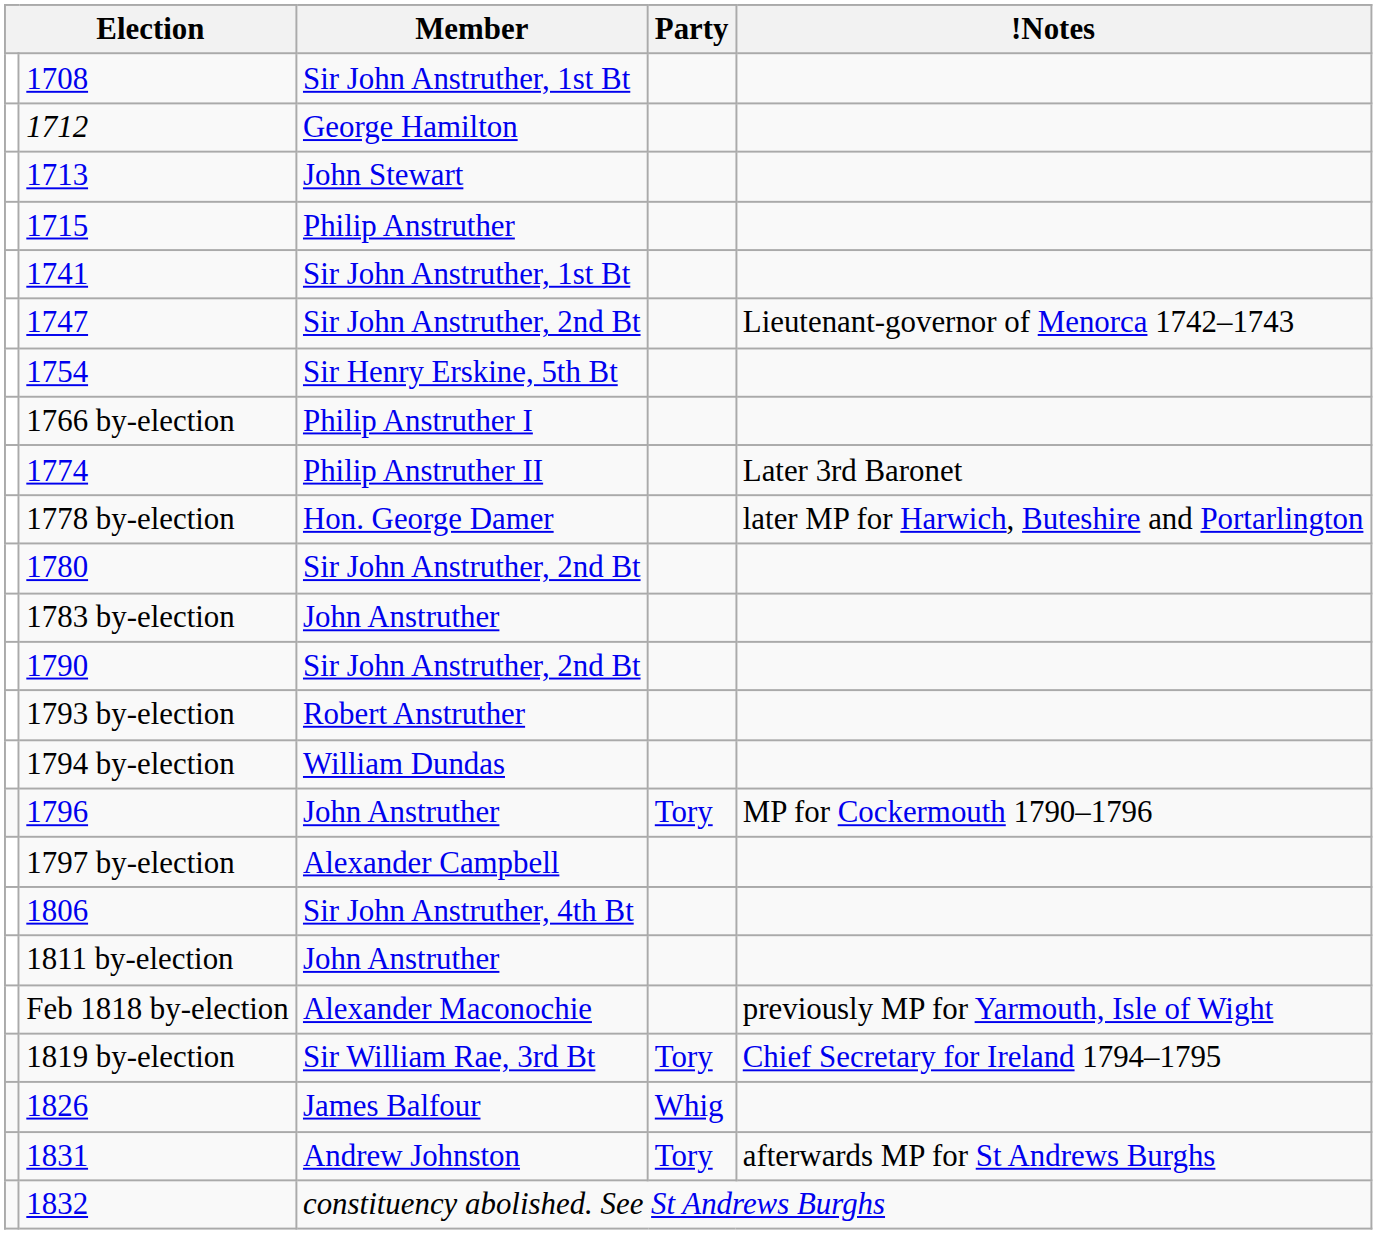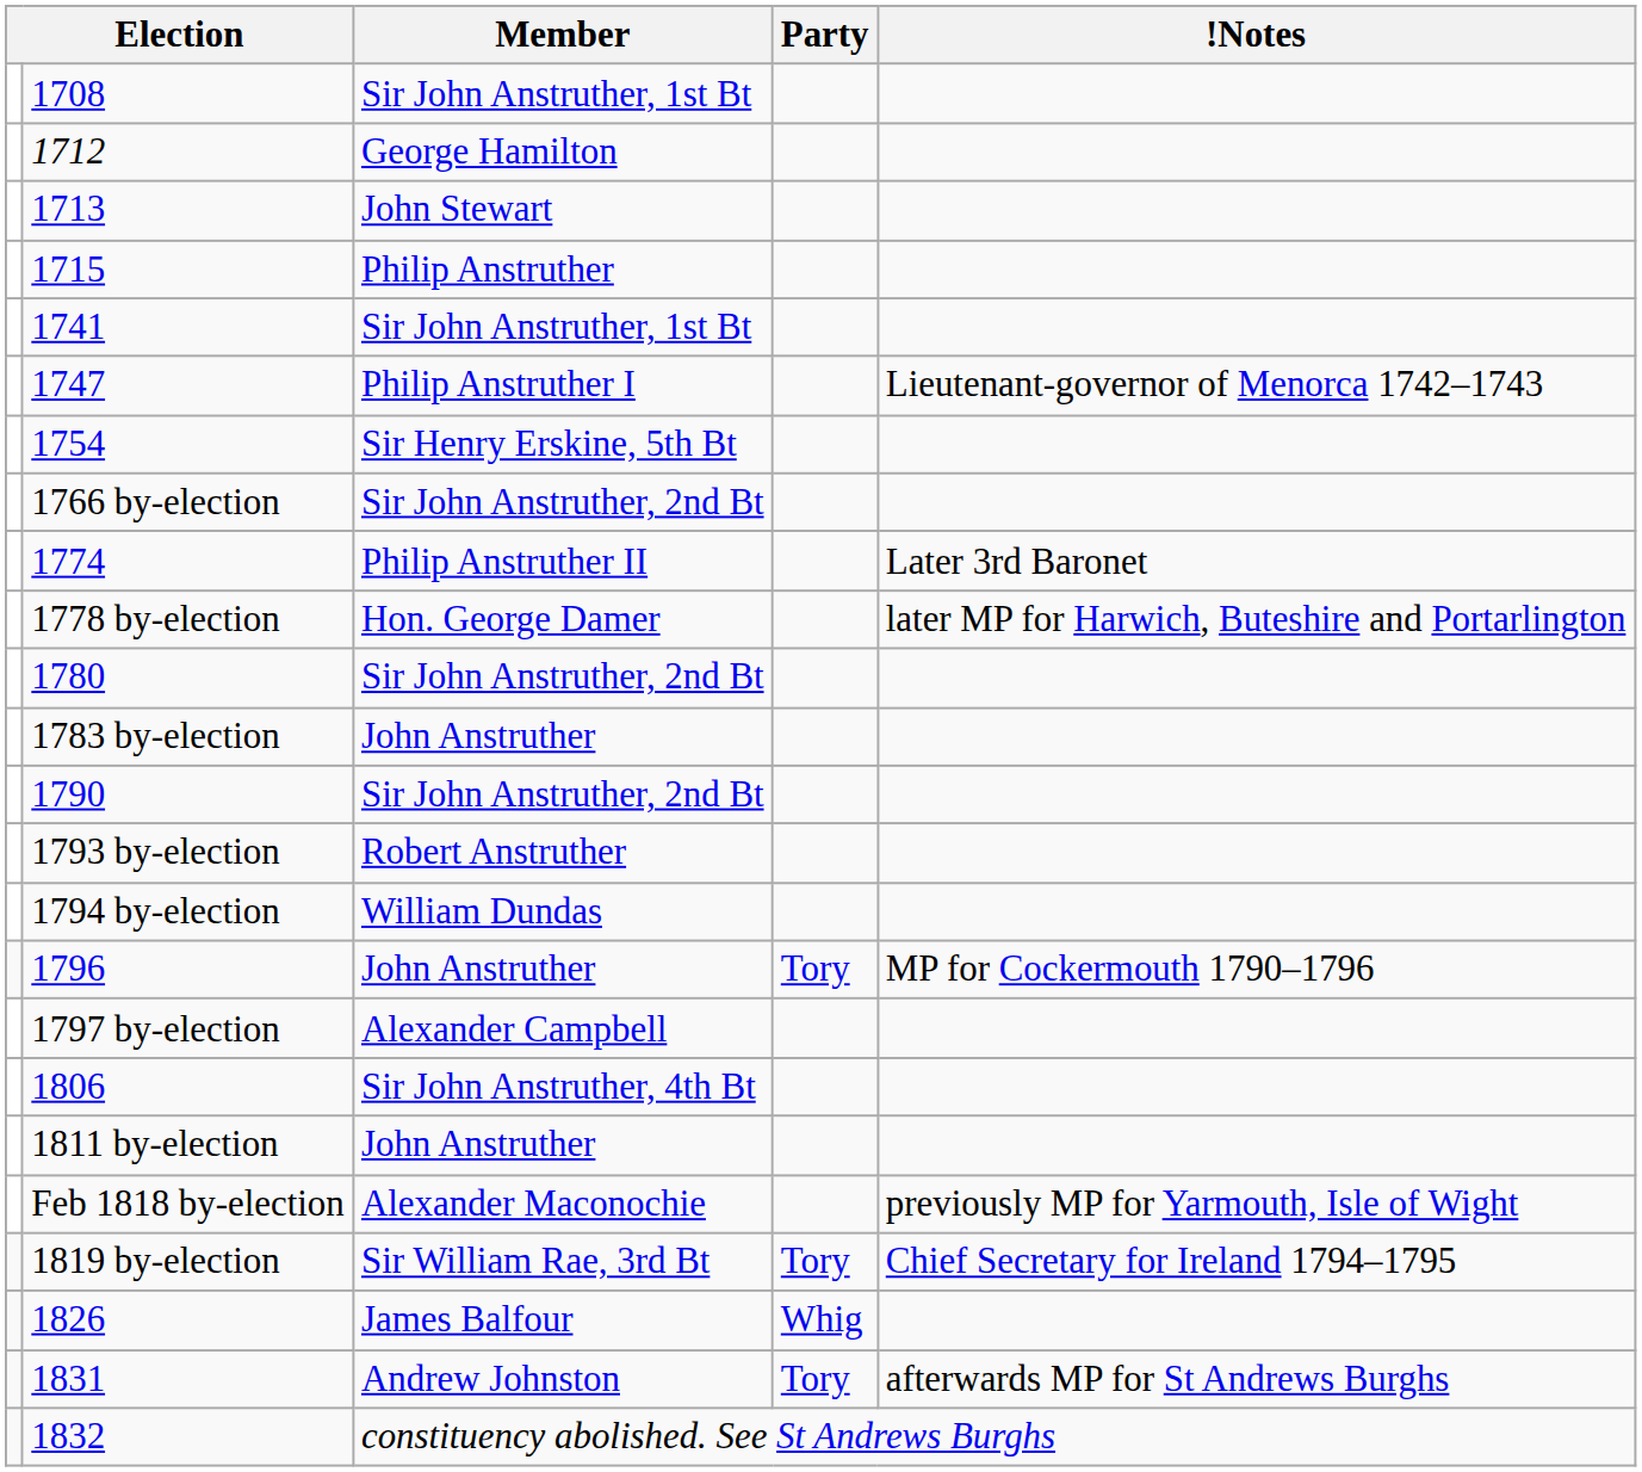 <table class="wikitable">
 <tr>
 <th colspan="2">Election</th>
 <th>Member</th>
 <th>Party </th>
 <th>!Notes</th>
 </tr>
 <tr>
 <td style="color:inherit;background-color: white"></td>
 <td><a href='#'>1708</a></td>
 <td><a href='#'>Sir John Anstruther, 1st Bt</a></td>
 <td></td>
 <td></td>
 </tr>
 <tr>
 <td style="color:inherit;background-color: white"></td>
 <td><em>1712</em></td>
 <td><a href='#'>George Hamilton</a></td>
 <td></td>
 <td></td>
 </tr>
 <tr>
 <td style="color:inherit;background-color: white"></td>
 <td><a href='#'>1713</a></td>
 <td><a href='#'>John Stewart</a></td>
 <td></td>
 <td></td>
 </tr>
 <tr>
 <td style="color:inherit;background-color: white"></td>
 <td><a href='#'>1715</a></td>
 <td><a href='#'>Philip Anstruther</a></td>
 <td></td>
 <td></td>
 </tr>
 <tr>
 <td style="color:inherit;background-color: white"></td>
 <td><a href='#'>1741</a></td>
 <td><a href='#'>Sir John Anstruther, 1st Bt</a></td>
 <td></td>
 <td></td>
 </tr>
 <tr>
 <td style="color:inherit;background-color: white"></td>
 <td><a href='#'>1747</a></td>
-<td><a href='#'>Sir John Anstruther, 2nd Bt</a></td>
+<td><a href='#'>Philip Anstruther I</a></td>
 <td></td>
 <td>Lieutenant-governor of <a href='#'>Menorca</a> 1742–1743</td>
 </tr>
 <tr>
 <td style="color:inherit;background-color: white"></td>
 <td><a href='#'>1754</a></td>
 <td><a href='#'>Sir Henry Erskine, 5th Bt</a></td>
 <td></td>
 <td></td>
 </tr>
 <tr>
 <td style="color:inherit;background-color: white"></td>
 <td>1766 by-election</td>
-<td><a href='#'>Philip Anstruther I</a></td>
+<td><a href='#'>Sir John Anstruther, 2nd Bt</a></td>
 <td></td>
 <td></td>
 </tr>
 <tr>
 <td style="color:inherit;background-color: white"></td>
 <td><a href='#'>1774</a></td>
 <td><a href='#'>Philip Anstruther II</a></td>
 <td></td>
 <td>Later 3rd Baronet</td>
 </tr>
 <tr>
 <td style="color:inherit;background-color: white"></td>
 <td>1778 by-election</td>
 <td><a href='#'>Hon. George Damer</a></td>
 <td></td>
 <td>later MP for <a href='#'>Harwich</a>, <a href='#'>Buteshire</a> and <a href='#'>Portarlington</a></td>
 </tr>
 <tr>
 <td style="color:inherit;background-color: white"></td>
 <td><a href='#'>1780</a></td>
 <td><a href='#'>Sir John Anstruther, 2nd Bt</a></td>
 <td></td>
 <td></td>
 </tr>
 <tr>
 <td style="color:inherit;background-color: white"></td>
 <td>1783 by-election</td>
 <td><a href='#'>John Anstruther</a></td>
 <td></td>
 <td></td>
 </tr>
 <tr>
 <td style="color:inherit;background-color: white"></td>
 <td><a href='#'>1790</a></td>
 <td><a href='#'>Sir John Anstruther, 2nd Bt</a></td>
 <td></td>
 <td></td>
 </tr>
 <tr>
 <td style="color:inherit;background-color: white"></td>
 <td>1793 by-election</td>
 <td><a href='#'>Robert Anstruther</a></td>
 <td></td>
 <td></td>
 </tr>
 <tr>
 <td style="color:inherit;background-color: white"></td>
 <td>1794 by-election</td>
 <td><a href='#'>William Dundas</a></td>
 <td></td>
 <td></td>
 </tr>
 <tr>
 <td style="color:inherit;background-color: "></td>
 <td><a href='#'>1796</a></td>
 <td><a href='#'>John Anstruther</a></td>
 <td><a href='#'>Tory</a></td>
 <td>MP for <a href='#'>Cockermouth</a> 1790–1796</td>
 </tr>
 <tr>
 <td style="color:inherit;background-color: white"></td>
 <td>1797 by-election</td>
 <td><a href='#'>Alexander Campbell</a></td>
 <td></td>
 <td></td>
 </tr>
 <tr>
 <td style="color:inherit;background-color: white"></td>
 <td><a href='#'>1806</a></td>
 <td><a href='#'>Sir John Anstruther, 4th Bt</a></td>
 <td></td>
 <td></td>
 </tr>
 <tr>
 <td style="color:inherit;background-color: white"></td>
 <td>1811 by-election</td>
 <td><a href='#'>John Anstruther</a></td>
 <td></td>
 <td></td>
 </tr>
 <tr>
 <td style="color:inherit;background-color: white"></td>
 <td>Feb 1818 by-election</td>
 <td><a href='#'>Alexander Maconochie</a></td>
 <td></td>
 <td>previously MP for <a href='#'>Yarmouth, Isle of Wight</a></td>
 </tr>
 <tr>
 <td style="color:inherit;background-color: "></td>
 <td>1819 by-election</td>
 <td><a href='#'>Sir William Rae, 3rd Bt</a></td>
 <td><a href='#'>Tory</a></td>
 <td><a href='#'>Chief Secretary for Ireland</a> 1794–1795</td>
 </tr>
 <tr>
 <td style="color:inherit;background-color: "></td>
 <td><a href='#'>1826</a></td>
 <td><a href='#'>James Balfour</a></td>
 <td><a href='#'>Whig</a></td>
 <td></td>
 </tr>
 <tr>
 <td style="color:inherit;background-color: "></td>
 <td><a href='#'>1831</a></td>
 <td><a href='#'>Andrew Johnston</a></td>
 <td><a href='#'>Tory</a></td>
 <td>afterwards MP for <a href='#'>St Andrews Burghs</a></td>
 </tr>
 <tr>
 <td></td>
 <td><a href='#'>1832</a></td>
 <td colspan="3"><em>constituency abolished. See <a href='#'>St Andrews Burghs</a></em></td>
 </tr>
 </table>
